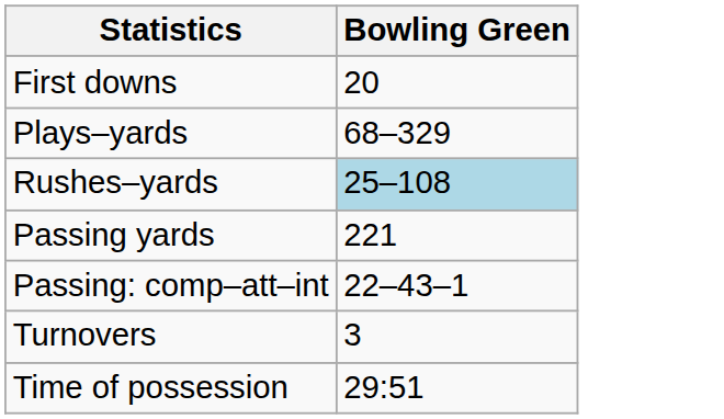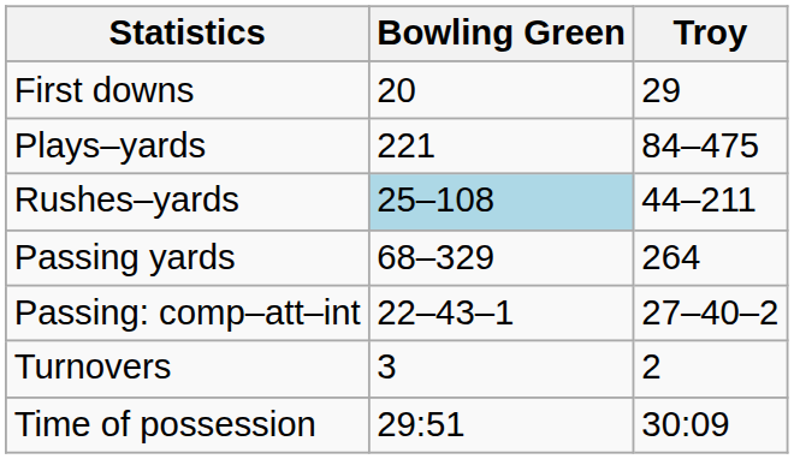 <table class="wikitable" style="float:left">
 <tr>
 <th>Statistics</th>
 <th>Bowling Green</th>
+<th>Troy</th>
 </tr>
 <tr>
 <td>First downs</td>
 <td>20</td>
+<td>29</td>
 </tr>
 <tr>
 <td>Plays–yards</td>
-<td>68–329</td>
+<td>221</td>
+<td>84–475</td>
 </tr>
 <tr>
 <td>Rushes–yards</td>
 <td style="background: lightblue;">25–108</td>
+<td>44–211</td>
 </tr>
 <tr>
 <td>Passing yards</td>
-<td>221</td>
+<td>68–329</td>
+<td>264</td>
 </tr>
 <tr>
 <td>Passing: comp–att–int</td>
 <td>22–43–1</td>
+<td>27–40–2</td>
 </tr>
 <tr>
 <td>Turnovers</td>
 <td>3</td>
+<td>2</td>
 </tr>
 <tr>
 <td>Time of possession</td>
 <td>29:51</td>
+<td>30:09</td>
 </tr>
 </table>
